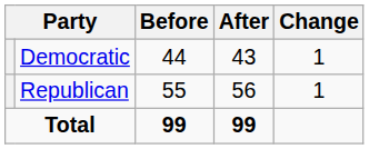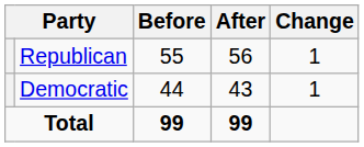 <table class="wikitable" style="text-align:center;">
 <tr>
 <th colspan="2">Party</th>
 <th>Before</th>
 <th>After</th>
 <th>Change</th>
 </tr>
 <tr>
 <th style="background-color:"></th>
-<td style="text-align:left;"><a href='#'>Democratic</a></td>
-<td>44</td>
-<td>43</td>
+<td style="text-align:left;"><a href='#'>Republican</a></td>
+<td>55</td>
+<td>56</td>
 <td> 1</td>
 </tr>
 <tr>
 <th style="background-color:"></th>
-<td style="text-align:left;"><a href='#'>Republican</a></td>
-<td>55</td>
-<td>56</td>
+<td style="text-align:left;"><a href='#'>Democratic</a></td>
+<td>44</td>
+<td>43</td>
 <td> 1</td>
 </tr>
 <tr>
 <td colspan="2"><strong>Total</strong></td>
 <td><strong>99</strong></td>
 <td><strong>99</strong></td>
 <td></td>
 </tr>
 </table>
